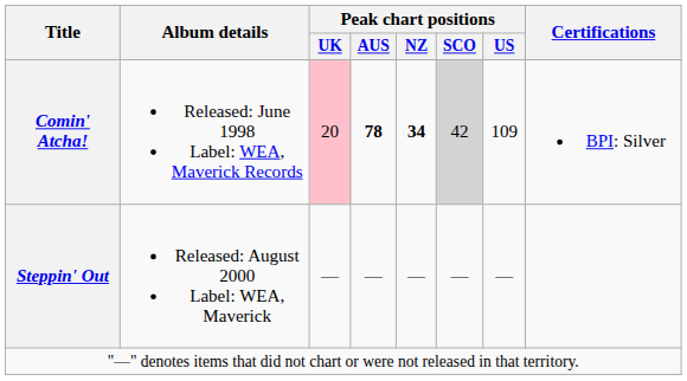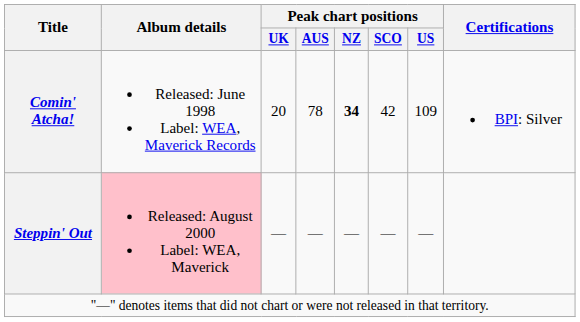 <table class="wikitable plainrowheaders" style="text-align:center;">
 <tr>
 <th scope="col" rowspan="2" style="width:10em;">Title</th>
 <th scope="col" rowspan="2" style="width:16em;">Album details</th>
 <th scope="col" colspan="5">Peak chart positions</th>
 <th rowspan="2" style="width:12em;"><a href='#'>Certifications</a></th>
 </tr>
 <tr>
 <th scope="col" style="width:3em;font-size:90%;"><a href='#'>UK</a><br></th>
 <th scope="col" style="width:3em;font-size:90%;"><a href='#'>AUS</a><br></th>
 <th scope="col" style="width:3em;font-size:90%;"><a href='#'>NZ</a><br></th>
 <th scope="col" style="width:3em;font-size:90%;"><a href='#'>SCO</a><br></th>
 <th scope="col" style="width:3em;font-size:90%;"><a href='#'>US</a><br></th>
 </tr>
 <tr>
 <th scope="row"><em><a href='#'>Comin' Atcha!</a></em></th>
 <td><br><ul><li>Released: June 1998</li><li>Label: <a href='#'>WEA</a>, <a href='#'>Maverick Records</a></li></ul></td>
-<td style="background: pink;">20</td>
-<td><strong>78</strong></td>
+<td>20</td>
+<td>78</td>
 <td><strong>34</strong></td>
-<td style="background: lightgrey;">42</td>
+<td>42</td>
 <td>109</td>
 <td><br><ul><li><a href='#'>BPI</a>: Silver</li></ul></td>
 </tr>
 <tr>
 <th scope="row"><em><a href='#'>Steppin' Out</a></em></th>
-<td><br><ul><li>Released: August 2000</li><li>Label: WEA, Maverick</li></ul></td>
+<td style="background: pink;"><br><ul><li>Released: August 2000</li><li>Label: WEA, Maverick</li></ul></td>
 <td>—</td>
 <td>—</td>
 <td>—</td>
 <td>—</td>
 <td>—</td>
 <td></td>
 </tr>
 <tr>
 <td colspan="15" style="font-size:90%">"—" denotes items that did not chart or were not released in that territory.</td>
 </tr>
 </table>
